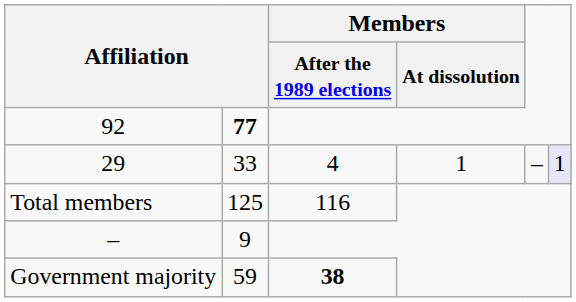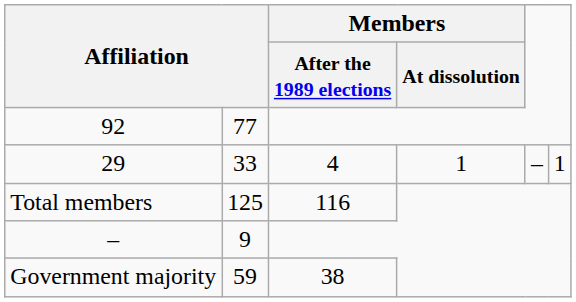 <table class="wikitable">
 <tr>
 <th rowspan=2 colspan=2>Affiliation</th>
 <th colspan=2>Members</th>
 </tr>
 <tr>
 <th><small>After the <br><a href='#'>1989 elections</a></small></th>
 <th><small>At dissolution</small></th>
 </tr>
 <tr>
 <td align=center>92</td>
-<td align=center><strong>77</strong></td>
+<td align=center>77</td>
 </tr>
 <tr>
 <td align=center>29</td>
 <td align=center>33<br></td>
 <td align=center>4</td>
 <td align=center>1<br></td>
 <td align=center>–</td>
-<td align=center style="background: lavender;">1</td>
+<td align=center>1</td>
 </tr>
 <tr>
 <td>Total members</td>
 <td align=center>125</td>
 <td align=center>116</td>
 </tr>
 <tr>
 <td align=center>–</td>
 <td align=center>9</td>
 </tr>
 <tr>
 <td>Government majority</td>
 <td align=center>59</td>
-<td align=center><strong>38</strong></td>
+<td align=center>38</td>
 </tr>
 </table>
